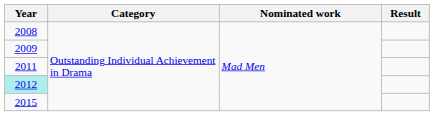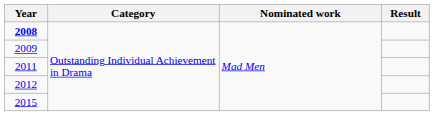 <table class=wikitable>
 <tr>
 <th scope="col" style="width:5em;">Year</th>
 <th scope="col" style="width:26em;">Category</th>
 <th scope="col" style="width:25em;">Nominated work</th>
 <th scope="col" style="width:5em;">Result</th>
 </tr>
 <tr>
-<td style="text-align:center;"><a href='#'>2008</a></td>
+<td style="text-align:center;"><strong><a href='#'>2008</a></strong></td>
 <td rowspan="5"><a href='#'>Outstanding Individual Achievement in Drama</a></td>
 <td rowspan="5"><em><a href='#'>Mad Men</a></em></td>
 <td></td>
 </tr>
 <tr>
 <td style="text-align:center;"><a href='#'>2009</a></td>
 <td></td>
 </tr>
 <tr>
 <td style="text-align:center;"><a href='#'>2011</a></td>
 <td></td>
 </tr>
 <tr>
-<td style="background: paleturquoise; text-align:center;"><a href='#'>2012</a></td>
+<td style="text-align:center;"><a href='#'>2012</a></td>
 <td></td>
 </tr>
 <tr>
 <td style="text-align:center;"><a href='#'>2015</a></td>
 <td></td>
 </tr>
 </table>
